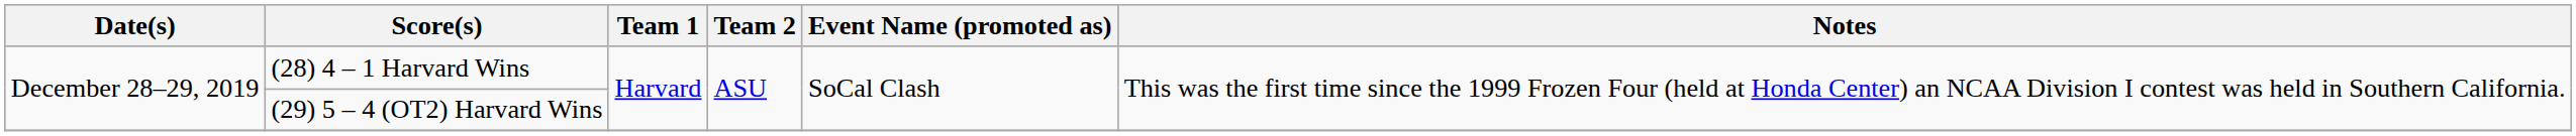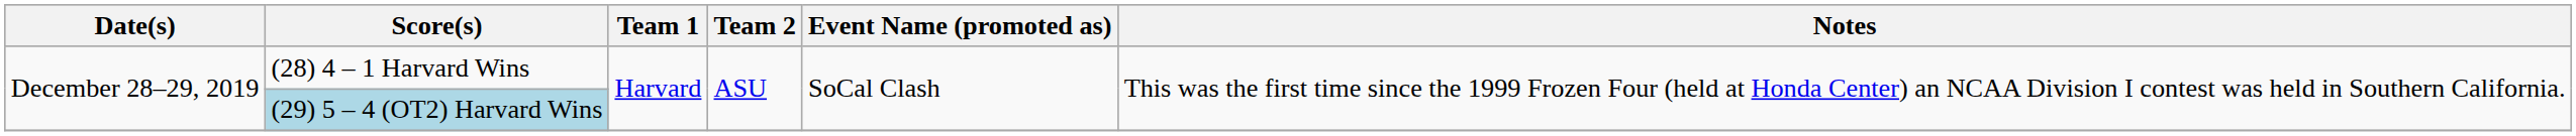 <table class="wikitable">
 <tr>
 <th><strong>Date(s)</strong></th>
 <th>Score(s)</th>
 <th>Team 1</th>
 <th>Team 2</th>
 <th>Event Name (promoted as)</th>
 <th>Notes</th>
 </tr>
 <tr>
 <td rowspan="2">December 28–29, 2019</td>
 <td>(28) 4 – 1 Harvard Wins </td>
 <td rowspan="2"><a href='#'>Harvard</a></td>
 <td rowspan="2"><a href='#'>ASU</a></td>
 <td rowspan="2">SoCal Clash</td>
 <td rowspan="2">This was the first time since the 1999 Frozen Four (held at <a href='#'>Honda Center</a>) an NCAA Division I contest was held in Southern California.</td>
 </tr>
 <tr>
-<td>(29) 5 – 4 (OT2) Harvard Wins</td>
+<td style="background: lightblue;">(29) 5 – 4 (OT2) Harvard Wins</td>
 </tr>
 <tr>
 </tr>
 </table>
